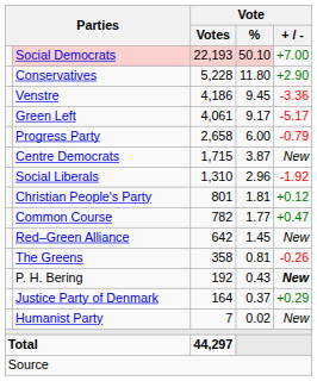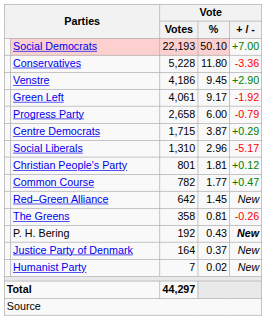 <table class="wikitable" style="text-align:right;">
 <tr>
 <th style="text-align:centre;" rowspan="2" colspan="2" width="225">Parties</th>
 <th colspan="3">Vote</th>
 </tr>
 <tr>
 <th width="15">Votes</th>
 <th width="15">%</th>
 <th width="15">+ / -</th>
 </tr>
 <tr>
 <td width="2" style="color:inherit;background:"></td>
 <td bgcolor=#fbd0ce  align="left"><a href='#'>Social Democrats</a></td>
 <td bgcolor=#fbd0ce>22,193</td>
 <td bgcolor=#fbd0ce>50.10</td>
 <td style=color:green;>+7.00</td>
 </tr>
 <tr>
 <td width="2" style="color:inherit;background:"></td>
 <td align="left"><a href='#'>Conservatives</a></td>
 <td>5,228</td>
 <td>11.80</td>
-<td style=color:green;>+2.90</td>
+<td style=color:red;>-3.36</td>
 </tr>
 <tr>
 <td width="2" style="color:inherit;background:"></td>
 <td align="left"><a href='#'>Venstre</a></td>
 <td>4,186</td>
 <td>9.45</td>
-<td style=color:red;>-3.36</td>
+<td style=color:green;>+2.90</td>
 </tr>
 <tr>
 <td width="2" style="color:inherit;background:"></td>
 <td align="left"><a href='#'>Green Left</a></td>
 <td>4,061</td>
 <td>9.17</td>
-<td style=color:red;>-5.17</td>
+<td style=color:red;>-1.92</td>
 </tr>
 <tr>
 <td width="2" style="color:inherit;background:"></td>
 <td align="left"><a href='#'>Progress Party</a></td>
 <td>2,658</td>
 <td>6.00</td>
 <td style=color:red;>-0.79</td>
 </tr>
 <tr>
 <td width="2" style="color:inherit;background:"></td>
 <td align="left"><a href='#'>Centre Democrats</a></td>
 <td>1,715</td>
 <td>3.87</td>
-<td><em>New</em></td>
+<td style=color:green;>+0.29</td>
 </tr>
 <tr>
 <td width="2" style="color:inherit;background:"></td>
 <td align="left"><a href='#'>Social Liberals</a></td>
 <td>1,310</td>
 <td>2.96</td>
-<td style=color:red;>-1.92</td>
+<td style=color:red;>-5.17</td>
 </tr>
 <tr>
 <td width="2" style="color:inherit;background:"></td>
 <td align="left"><a href='#'>Christian People's Party</a></td>
 <td>801</td>
 <td>1.81</td>
 <td style=color:green;>+0.12</td>
 </tr>
 <tr>
 <td width="2" style="color:inherit;background:"></td>
 <td align="left"><a href='#'>Common Course</a></td>
 <td>782</td>
 <td>1.77</td>
 <td style=color:green;>+0.47</td>
 </tr>
 <tr>
 <td width="2" style="color:inherit;background:"></td>
 <td align="left"><a href='#'>Red–Green Alliance</a></td>
 <td>642</td>
 <td>1.45</td>
 <td><em>New</em></td>
 </tr>
 <tr>
 <td width="2" style="color:inherit;background:"></td>
 <td align="left"><a href='#'>The Greens</a></td>
 <td>358</td>
 <td>0.81</td>
 <td style=color:red;>-0.26</td>
 </tr>
 <tr>
 <td width="2" style="color:inherit;background:"></td>
 <td align="left">P. H. Bering</td>
 <td>192</td>
 <td>0.43</td>
 <td><strong><em>New</em></strong></td>
 </tr>
 <tr>
 <td width="2" style="color:inherit;background:"></td>
 <td align="left"><a href='#'>Justice Party of Denmark</a></td>
 <td>164</td>
 <td>0.37</td>
-<td style=color:green;>+0.29</td>
+<td><em>New</em></td>
 </tr>
 <tr>
 <td width="2" style="color:inherit;background:"></td>
 <td align="left"><a href='#'>Humanist Party</a></td>
 <td>7</td>
 <td>0.02</td>
 <td><em>New</em></td>
 </tr>
 <tr>
 <td colspan="7" bgcolor="#E9E9E9"></td>
 </tr>
 <tr>
 <td align="left" colspan="2"><strong>Total</strong></td>
 <td><strong>44,297</strong></td>
 <td bgcolor="#E9E9E9" colspan="2"></td>
 </tr>
 <tr>
 <td align="left" colspan="6">Source</td>
 </tr>
 </table>
